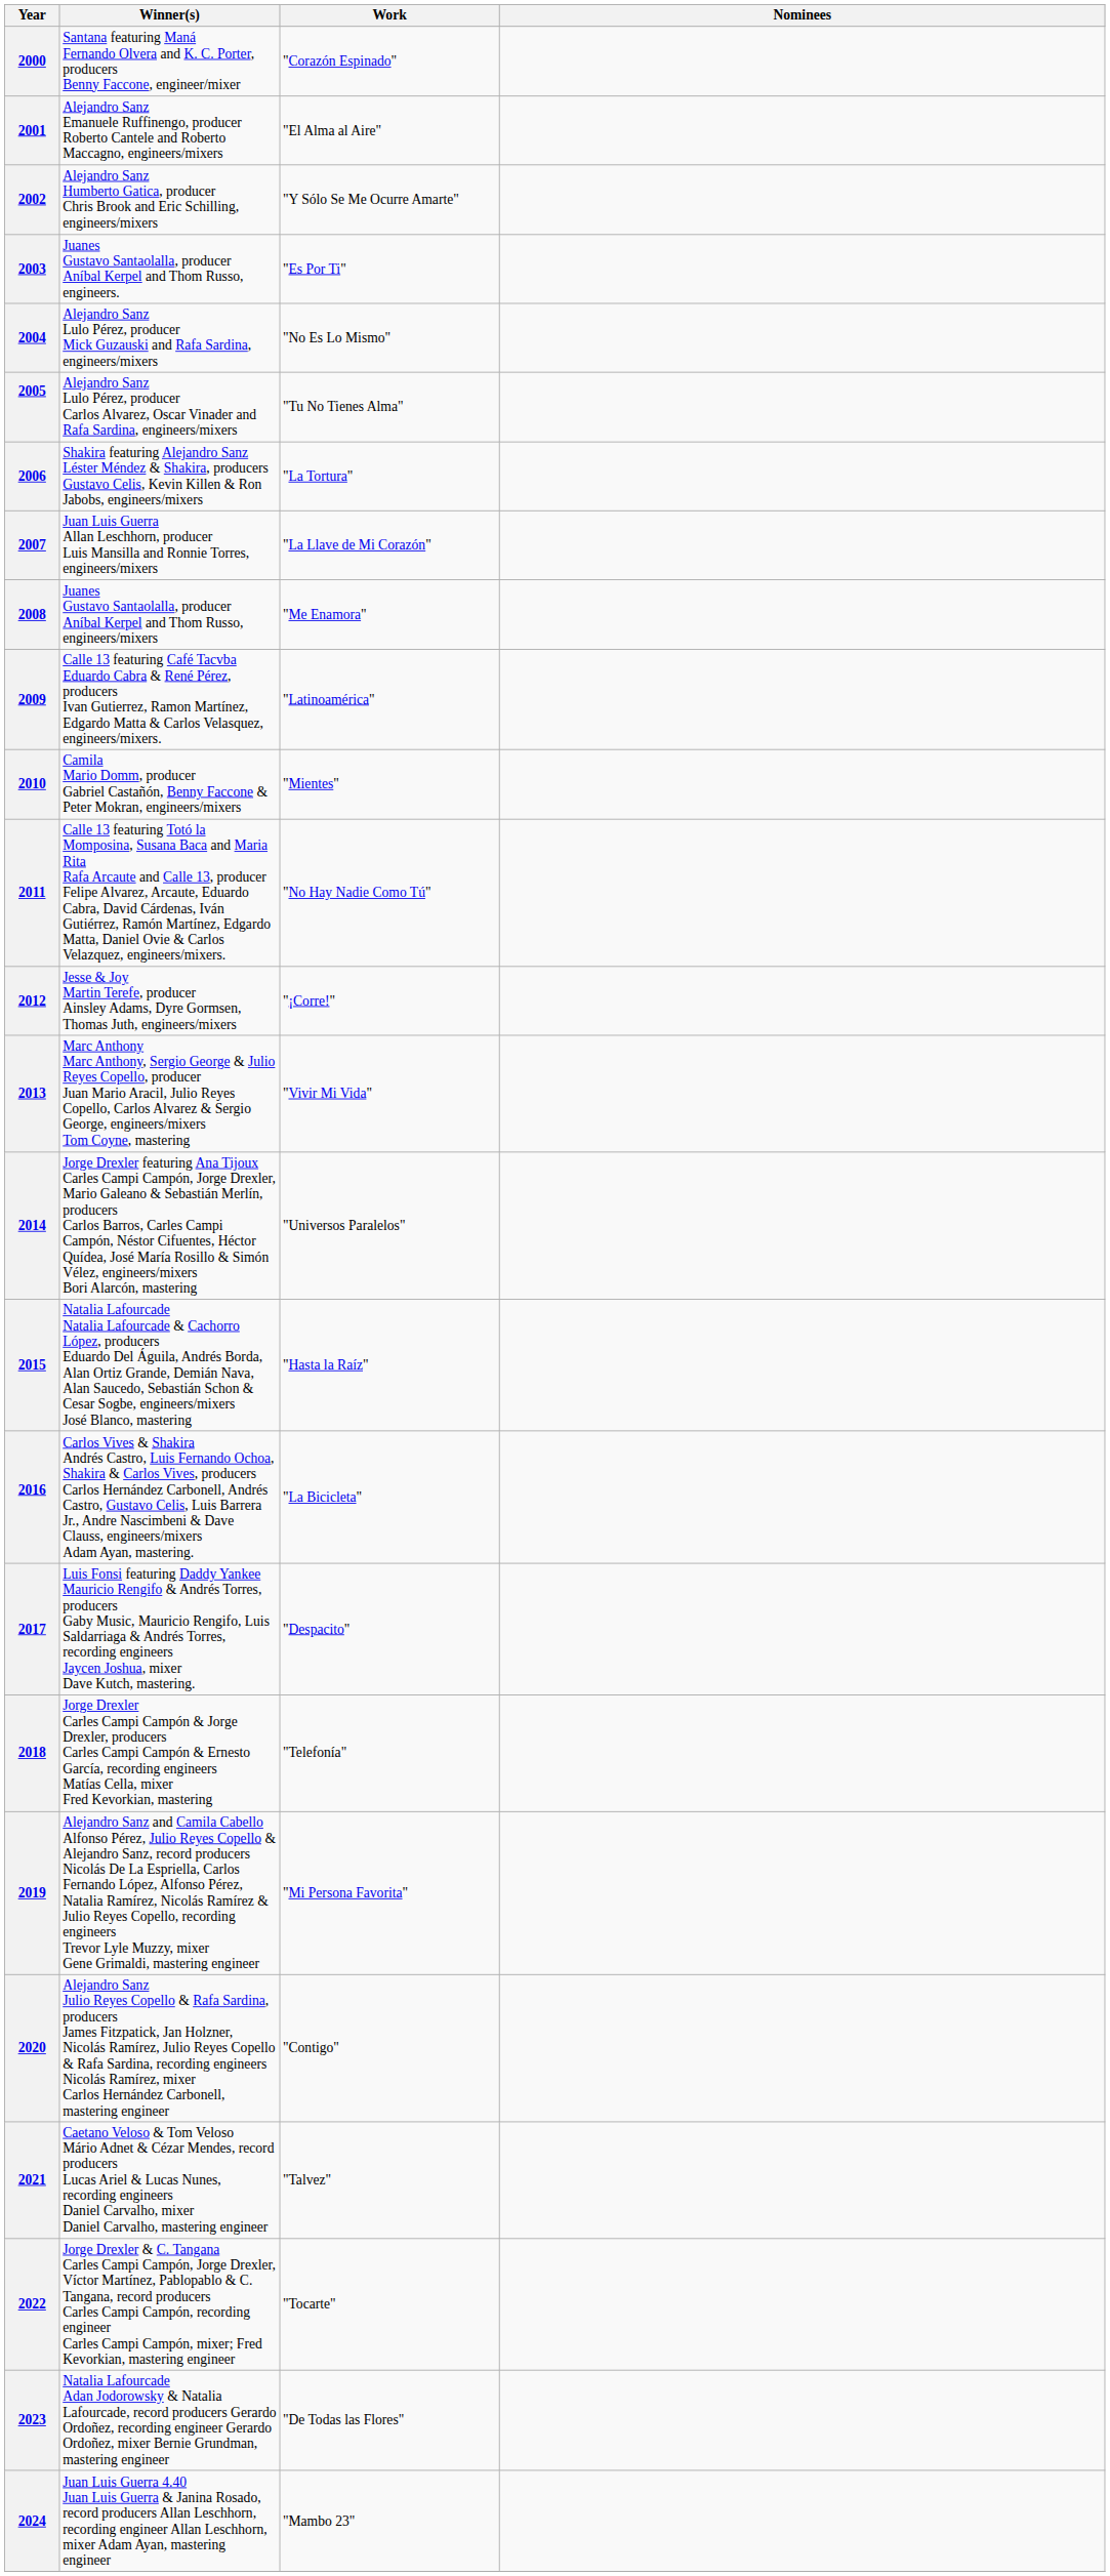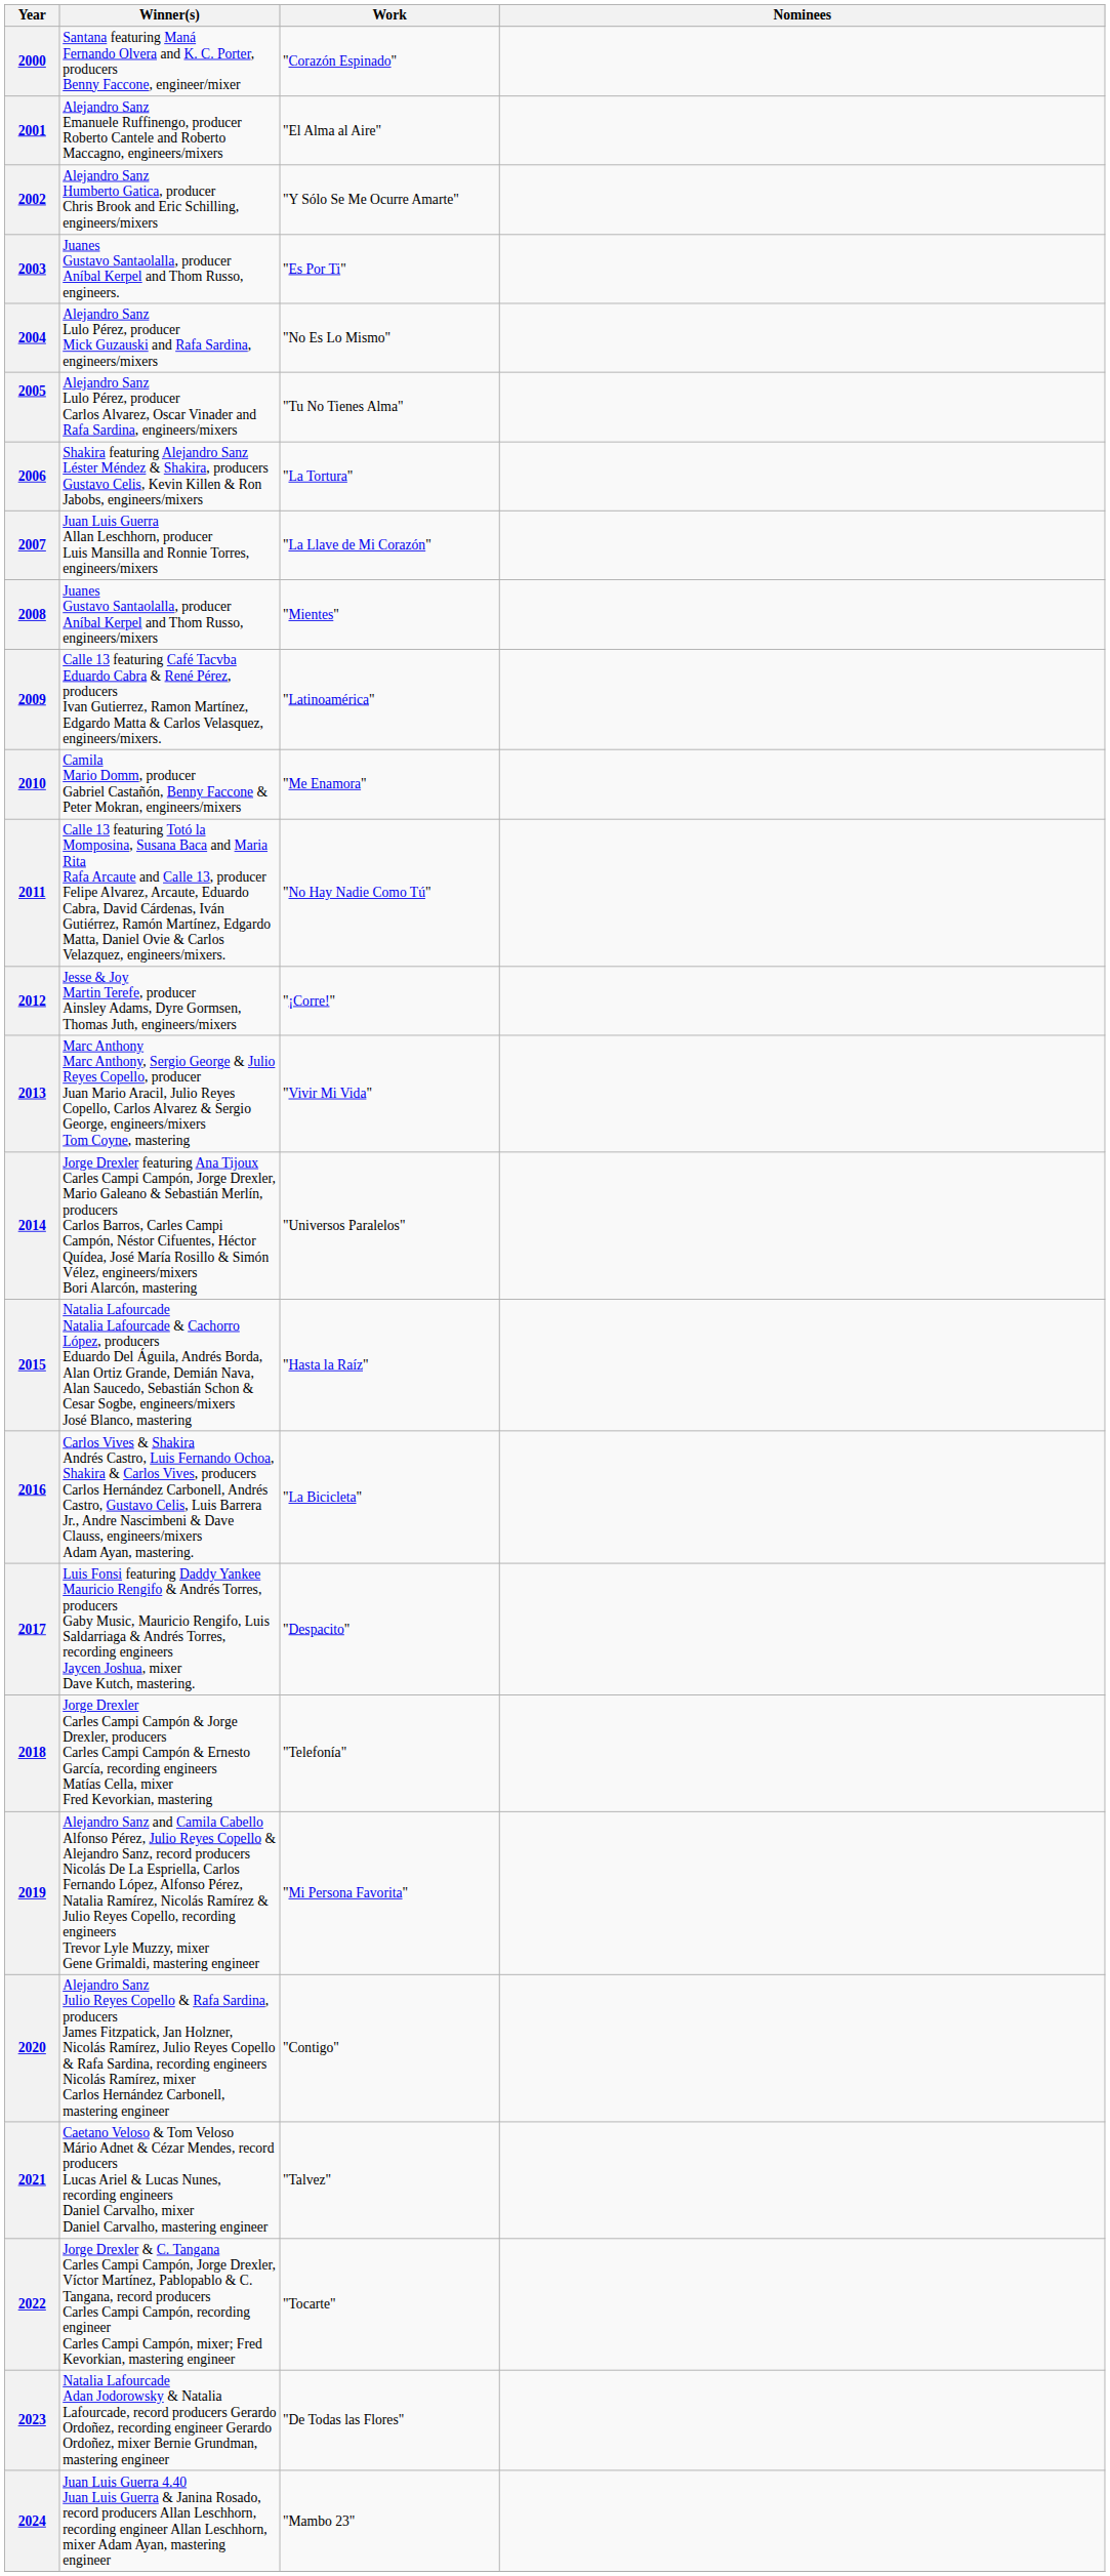 <table class="wikitable" style="width:100%">
 <tr bgcolor="#bebebe">
 <th width="5%">Year</th>
 <th width="20%">Winner(s)</th>
 <th width="20%">Work</th>
 <th width="55%">Nominees</th>
 </tr>
 <tr>
 <th scope="row"><a href='#'>2000</a><br></th>
 <td><a href='#'>Santana</a> featuring <a href='#'>Maná</a> <br><a href='#'>Fernando Olvera</a> and <a href='#'>K. C. Porter</a>, producers<br><a href='#'>Benny Faccone</a>, engineer/mixer</td>
 <td>"<a href='#'>Corazón Espinado</a>"</td>
 <td></td>
 </tr>
 <tr>
 <th scope="row"><a href='#'>2001</a><br></th>
 <td><a href='#'>Alejandro Sanz</a><br>Emanuele Ruffinengo, producer<br>Roberto Cantele and Roberto Maccagno, engineers/mixers</td>
 <td>"El Alma al Aire"</td>
 <td></td>
 </tr>
 <tr>
 <th scope="row"><a href='#'>2002</a><br></th>
 <td><a href='#'>Alejandro Sanz</a> <br><a href='#'>Humberto Gatica</a>, producer<br>Chris Brook and Eric Schilling, engineers/mixers</td>
 <td>"Y Sólo Se Me Ocurre Amarte"</td>
 <td></td>
 </tr>
 <tr>
 <th scope="row"><a href='#'>2003</a><br></th>
 <td><a href='#'>Juanes</a> <br><a href='#'>Gustavo Santaolalla</a>, producer<br><a href='#'>Aníbal Kerpel</a> and Thom Russo, engineers.</td>
 <td>"<a href='#'>Es Por Ti</a>"</td>
 <td></td>
 </tr>
 <tr>
 <th scope="row"><a href='#'>2004</a><br></th>
 <td><a href='#'>Alejandro Sanz</a> <br>Lulo Pérez, producer<br><a href='#'>Mick Guzauski</a> and <a href='#'>Rafa Sardina</a>, engineers/mixers</td>
 <td>"No Es Lo Mismo"</td>
 <td></td>
 </tr>
 <tr>
 <th scope="row"><a href='#'>2005</a><br><br><br></th>
 <td><a href='#'>Alejandro Sanz</a> <br>Lulo Pérez, producer<br>Carlos Alvarez, Oscar Vinader and <a href='#'>Rafa Sardina</a>, engineers/mixers</td>
 <td>"Tu No Tienes Alma"</td>
 <td></td>
 </tr>
 <tr>
 <th scope="row"><a href='#'>2006</a><br></th>
 <td><a href='#'>Shakira</a> featuring <a href='#'>Alejandro Sanz</a> <br><a href='#'>Léster Méndez</a> & <a href='#'>Shakira</a>, producers<br><a href='#'>Gustavo Celis</a>, Kevin Killen & Ron Jabobs, engineers/mixers</td>
 <td>"<a href='#'>La Tortura</a>"</td>
 <td></td>
 </tr>
 <tr>
 <th scope="row"><a href='#'>2007</a><br></th>
 <td><a href='#'>Juan Luis Guerra</a> <br>Allan Leschhorn, producer<br>Luis Mansilla and Ronnie Torres, engineers/mixers</td>
 <td>"<a href='#'>La Llave de Mi Corazón</a>"</td>
 <td></td>
 </tr>
 <tr>
 <th scope="row"><a href='#'>2008</a><br></th>
 <td><a href='#'>Juanes</a> <br><a href='#'>Gustavo Santaolalla</a>, producer<br><a href='#'>Aníbal Kerpel</a> and Thom Russo, engineers/mixers</td>
-<td>"<a href='#'>Me Enamora</a>"</td>
+<td>"<a href='#'>Mientes</a>"</td>
 <td></td>
 </tr>
 <tr>
 <th scope="row"><a href='#'>2009</a><br></th>
 <td><a href='#'>Calle 13</a> featuring <a href='#'>Café Tacvba</a> <br><a href='#'>Eduardo Cabra</a> & <a href='#'>René Pérez</a>, producers<br>Ivan Gutierrez, Ramon Martínez, Edgardo Matta & Carlos Velasquez, engineers/mixers.</td>
 <td>"<a href='#'>Latinoamérica</a>"</td>
 <td></td>
 </tr>
 <tr>
 <th scope="row"><a href='#'>2010</a><br></th>
 <td><a href='#'>Camila</a> <br><a href='#'>Mario Domm</a>, producer<br>Gabriel Castañón, <a href='#'>Benny Faccone</a> & Peter Mokran, engineers/mixers</td>
-<td>"<a href='#'>Mientes</a>"</td>
+<td>"<a href='#'>Me Enamora</a>"</td>
 <td></td>
 </tr>
 <tr>
 <th scope="row"><a href='#'>2011</a><br></th>
 <td><a href='#'>Calle 13</a> featuring <a href='#'>Totó la Momposina</a>, <a href='#'>Susana Baca</a> and <a href='#'>Maria Rita</a> <br><a href='#'>Rafa Arcaute</a> and <a href='#'>Calle 13</a>, producer<br>Felipe Alvarez, Arcaute, Eduardo Cabra, David Cárdenas, Iván Gutiérrez, Ramón Martínez, Edgardo Matta, Daniel Ovie & Carlos Velazquez, engineers/mixers.</td>
 <td>"<a href='#'>No Hay Nadie Como Tú</a>"</td>
 <td></td>
 </tr>
 <tr>
 <th scope="row"><a href='#'>2012</a><br></th>
 <td><a href='#'>Jesse & Joy</a> <br><a href='#'>Martin Terefe</a>, producer<br>Ainsley Adams, Dyre Gormsen, Thomas Juth, engineers/mixers</td>
 <td>"<a href='#'>¡Corre!</a>"</td>
 <td></td>
 </tr>
 <tr>
 <th scope="row"><a href='#'>2013</a><br></th>
 <td><a href='#'>Marc Anthony</a> <br><a href='#'>Marc Anthony</a>, <a href='#'>Sergio George</a> & <a href='#'>Julio Reyes Copello</a>, producer<br>Juan Mario Aracil, Julio Reyes Copello, Carlos Alvarez & Sergio George, engineers/mixers<br><a href='#'>Tom Coyne</a>, mastering</td>
 <td>"<a href='#'>Vivir Mi Vida</a>"</td>
 <td></td>
 </tr>
 <tr>
 <th scope="row"><a href='#'>2014</a><br></th>
 <td><a href='#'>Jorge Drexler</a> featuring <a href='#'>Ana Tijoux</a> <br>Carles Campi Campón, Jorge Drexler, Mario Galeano & Sebastián Merlín, producers<br>Carlos Barros, Carles Campi Campón, Néstor Cifuentes, Héctor Quídea, José María Rosillo & Simón Vélez, engineers/mixers<br>Bori Alarcón, mastering</td>
 <td>"Universos Paralelos"</td>
 <td></td>
 </tr>
 <tr>
 <th scope="row"><a href='#'>2015</a><br></th>
 <td><a href='#'>Natalia Lafourcade</a> <br><a href='#'>Natalia Lafourcade</a> & <a href='#'>Cachorro López</a>, producers<br>Eduardo Del Águila, Andrés Borda, Alan Ortiz Grande, Demián Nava, Alan Saucedo, Sebastián Schon & Cesar Sogbe, engineers/mixers<br>José Blanco, mastering</td>
 <td>"<a href='#'>Hasta la Raíz</a>"</td>
 <td></td>
 </tr>
 <tr>
 <th scope="row"><a href='#'>2016</a><br><br></th>
 <td><a href='#'>Carlos Vives</a> & <a href='#'>Shakira</a> <br>Andrés Castro, <a href='#'>Luis Fernando Ochoa</a>, <a href='#'>Shakira</a> & <a href='#'>Carlos Vives</a>, producers<br>Carlos Hernández Carbonell, Andrés Castro, <a href='#'>Gustavo Celis</a>, Luis Barrera Jr., Andre Nascimbeni & Dave Clauss, engineers/mixers<br>Adam Ayan, mastering.</td>
 <td>"<a href='#'>La Bicicleta</a>"</td>
 <td></td>
 </tr>
 <tr>
 <th scope="row"><a href='#'>2017</a><br></th>
 <td><a href='#'>Luis Fonsi</a> featuring <a href='#'>Daddy Yankee</a> <br><a href='#'>Mauricio Rengifo</a> & Andrés Torres, producers<br>Gaby Music, Mauricio Rengifo, Luis Saldarriaga & Andrés Torres, recording engineers<br><a href='#'>Jaycen Joshua</a>, mixer<br>Dave Kutch, mastering.</td>
 <td>"<a href='#'>Despacito</a>"</td>
 <td></td>
 </tr>
 <tr>
 <th scope="row"><a href='#'>2018</a><br></th>
 <td><a href='#'>Jorge Drexler</a> <br>Carles Campi Campón & Jorge Drexler, producers<br>Carles Campi Campón & Ernesto García, recording engineers<br>Matías Cella, mixer<br>Fred Kevorkian, mastering</td>
 <td>"Telefonía"</td>
 <td></td>
 </tr>
 <tr>
 <th scope="row"><a href='#'>2019</a><br></th>
 <td><a href='#'>Alejandro Sanz</a> and <a href='#'>Camila Cabello</a> <br>Alfonso Pérez, <a href='#'>Julio Reyes Copello</a> & Alejandro Sanz, record producers<br>Nicolás De La Espriella, Carlos Fernando López, Alfonso Pérez, Natalia Ramírez, Nicolás Ramírez & Julio Reyes Copello, recording engineers<br>Trevor Lyle Muzzy, mixer<br>Gene Grimaldi, mastering engineer</td>
 <td>"<a href='#'>Mi Persona Favorita</a>"</td>
 <td></td>
 </tr>
 <tr>
 <th scope="row"><a href='#'>2020</a><br></th>
 <td><a href='#'>Alejandro Sanz</a> <br><a href='#'>Julio Reyes Copello</a> & <a href='#'>Rafa Sardina</a>, producers<br>James Fitzpatick, Jan Holzner, Nicolás Ramírez, Julio Reyes Copello & Rafa Sardina, recording engineers<br>Nicolás Ramírez, mixer<br>Carlos Hernández Carbonell, mastering engineer</td>
 <td>"Contigo"</td>
 <td></td>
 </tr>
 <tr>
 <th scope="row"><a href='#'>2021</a><br></th>
 <td><a href='#'>Caetano Veloso</a> & Tom Veloso<br>Mário Adnet & Cézar Mendes, record producers<br>Lucas Ariel & Lucas Nunes, recording engineers<br>Daniel Carvalho, mixer<br>Daniel Carvalho, mastering engineer</td>
 <td>"Talvez"</td>
 <td></td>
 </tr>
 <tr>
 <th scope="row"><a href='#'>2022</a><br></th>
 <td><a href='#'>Jorge Drexler</a> & <a href='#'>C. Tangana</a> <br>Carles Campi Campón, Jorge Drexler, Víctor Martínez, Pablopablo & C. Tangana, record producers<br>Carles Campi Campón, recording engineer<br>Carles Campi Campón, mixer; Fred Kevorkian, mastering engineer</td>
 <td>"Tocarte"</td>
 <td></td>
 </tr>
 <tr>
 <th scope="row"><a href='#'>2023</a><br></th>
 <td><a href='#'>Natalia Lafourcade</a><br><a href='#'>Adan Jodorowsky</a> & Natalia Lafourcade, record producers Gerardo Ordoñez, recording engineer Gerardo Ordoñez, mixer Bernie Grundman, mastering engineer</td>
 <td>"De Todas las Flores"</td>
 <td></td>
 </tr>
 <tr>
 <th scope="row"><a href='#'>2024</a><br></th>
 <td><a href='#'>Juan Luis Guerra 4.40</a><br><a href='#'>Juan Luis Guerra</a> & Janina Rosado, record producers Allan Leschhorn, recording engineer Allan Leschhorn, mixer Adam Ayan, mastering engineer</td>
 <td>"Mambo 23"</td>
 <td></td>
 </tr>
 <tr>
 </tr>
 </table>
